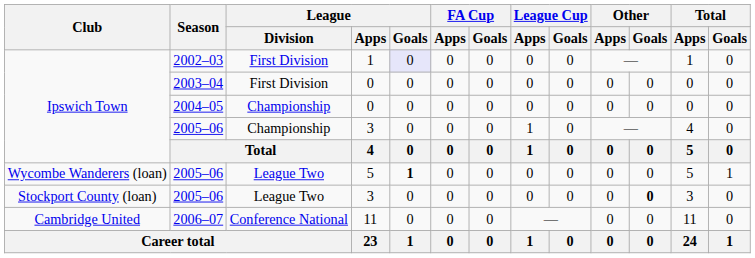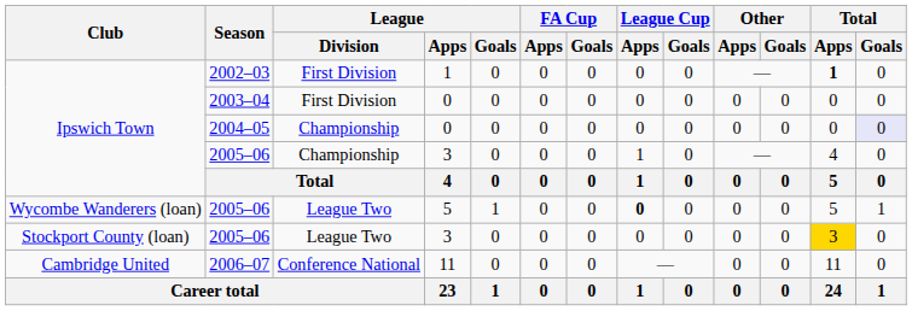 <table class=wikitable style="text-align:center;">
 <tr>
 <th rowspan=2>Club</th>
 <th rowspan=2>Season</th>
 <th colspan=3>League</th>
 <th colspan=2><a href='#'>FA Cup</a></th>
 <th colspan=2><a href='#'>League Cup</a></th>
 <th colspan=2>Other</th>
 <th colspan=2>Total</th>
 </tr>
 <tr>
 <th>Division</th>
 <th>Apps</th>
 <th>Goals</th>
 <th>Apps</th>
 <th>Goals</th>
 <th>Apps</th>
 <th>Goals</th>
 <th>Apps</th>
 <th>Goals</th>
 <th>Apps</th>
 <th>Goals</th>
 </tr>
 <tr>
 <td rowspan=5><a href='#'>Ipswich Town</a></td>
 <td><a href='#'>2002–03</a></td>
 <td><a href='#'>First Division</a></td>
 <td>1</td>
-<td style="background: lavender;">0</td>
+<td>0</td>
 <td>0</td>
 <td>0</td>
 <td>0</td>
 <td>0</td>
 <td colspan="2">—</td>
-<td>1</td>
+<td><strong>1</strong></td>
 <td>0</td>
 </tr>
 <tr>
 <td><a href='#'>2003–04</a></td>
 <td>First Division</td>
 <td>0</td>
 <td>0</td>
 <td>0</td>
 <td>0</td>
 <td>0</td>
 <td>0</td>
 <td>0</td>
 <td>0</td>
 <td>0</td>
 <td>0</td>
 </tr>
 <tr>
 <td><a href='#'>2004–05</a></td>
 <td><a href='#'>Championship</a></td>
 <td>0</td>
 <td>0</td>
 <td>0</td>
 <td>0</td>
 <td>0</td>
 <td>0</td>
 <td>0</td>
 <td>0</td>
 <td>0</td>
-<td>0</td>
+<td style="background: lavender;">0</td>
 </tr>
 <tr>
 <td><a href='#'>2005–06</a></td>
 <td>Championship</td>
 <td>3</td>
 <td>0</td>
 <td>0</td>
 <td>0</td>
 <td>1</td>
 <td>0</td>
 <td colspan="2">—</td>
 <td>4</td>
 <td>0</td>
 </tr>
 <tr>
 <th colspan=2>Total</th>
 <th>4</th>
 <th>0</th>
 <th>0</th>
 <th>0</th>
 <th>1</th>
 <th>0</th>
 <th>0</th>
 <th>0</th>
 <th>5</th>
 <th>0</th>
 </tr>
 <tr>
 <td><a href='#'>Wycombe Wanderers</a> (loan)</td>
 <td><a href='#'>2005–06</a></td>
 <td><a href='#'>League Two</a></td>
 <td>5</td>
-<td><strong>1</strong></td>
+<td>1</td>
 <td>0</td>
 <td>0</td>
-<td>0</td>
+<td><strong>0</strong></td>
 <td>0</td>
 <td>0</td>
 <td>0</td>
 <td>5</td>
 <td>1</td>
 </tr>
 <tr>
 <td><a href='#'>Stockport County</a> (loan)</td>
 <td><a href='#'>2005–06</a></td>
 <td>League Two</td>
 <td>3</td>
 <td>0</td>
 <td>0</td>
 <td>0</td>
 <td>0</td>
 <td>0</td>
 <td>0</td>
-<td><strong>0</strong></td>
-<td>3</td>
+<td>0</td>
+<td style="background: gold;">3</td>
 <td>0</td>
 </tr>
 <tr>
 <td><a href='#'>Cambridge United</a></td>
 <td><a href='#'>2006–07</a></td>
 <td><a href='#'>Conference National</a></td>
 <td>11</td>
 <td>0</td>
 <td>0</td>
 <td>0</td>
 <td colspan="2">—</td>
 <td>0</td>
 <td>0</td>
 <td>11</td>
 <td>0</td>
 </tr>
 <tr>
 <th colspan=3>Career total</th>
 <th>23</th>
 <th>1</th>
 <th>0</th>
 <th>0</th>
 <th>1</th>
 <th>0</th>
 <th>0</th>
 <th>0</th>
 <th>24</th>
 <th>1</th>
 </tr>
 </table>
